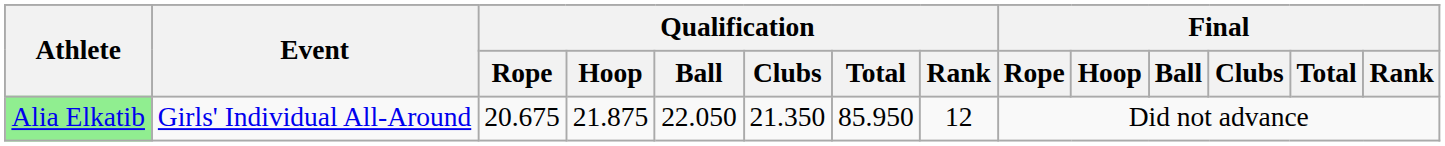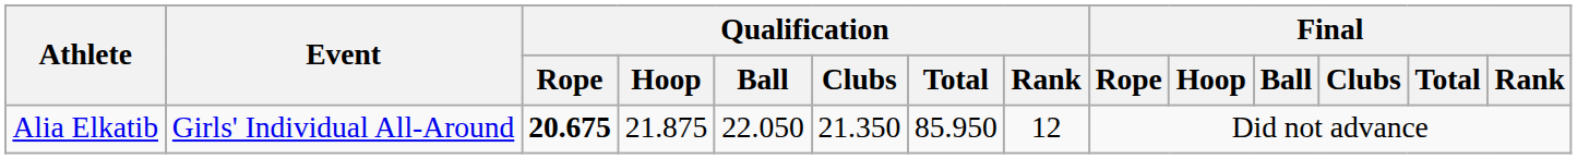 <table class="wikitable" border="1" style="font-size:90%">
 <tr>
 <th rowspan=2>Athlete</th>
 <th rowspan=2>Event</th>
 <th colspan=6>Qualification</th>
 <th colspan=6>Final</th>
 </tr>
 <tr>
 <th>Rope</th>
 <th>Hoop</th>
 <th>Ball</th>
 <th>Clubs</th>
 <th>Total</th>
 <th>Rank</th>
 <th>Rope</th>
 <th>Hoop</th>
 <th>Ball</th>
 <th>Clubs</th>
 <th>Total</th>
 <th>Rank</th>
 </tr>
 <tr>
-<td style="background: lightgreen;"><a href='#'>Alia Elkatib</a></td>
+<td><a href='#'>Alia Elkatib</a></td>
 <td><a href='#'>Girls' Individual All-Around</a></td>
-<td align=center>20.675</td>
+<td align=center><strong>20.675</strong></td>
 <td align=center>21.875</td>
 <td align=center>22.050</td>
 <td align=center>21.350</td>
 <td align=center>85.950</td>
 <td align=center>12</td>
 <td align=center colspan=6>Did not advance</td>
 </tr>
 </table>
